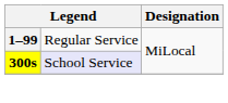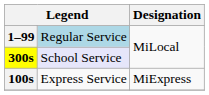 <table class=wikitable align="center"|>
 <tr>
 <th colspan=2>Legend</th>
 <th>Designation</th>
 </tr>
 <tr>
 <th style="background:#">1–99</th>
-<td>Regular Service</td>
+<td style="background: lightblue;">Regular Service</td>
 <td rowspan=2>MiLocal</td>
 </tr>
 <tr>
 <th style="background:yellow; color:black" align="center">300s</th>
 <td style="background: lavender;">School Service</td>
 </tr>
 <tr>
+<th style="background:#">100s</th>
+<td>Express Service</td>
+<td>MiExpress</td>
+</tr>
+<tr>
 </tr>
 </table>
